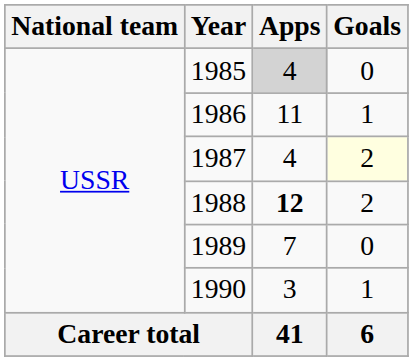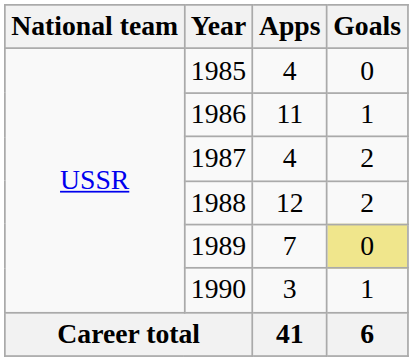 <table class="wikitable" style="text-align:center">
 <tr>
 <th>National team</th>
 <th>Year</th>
 <th>Apps</th>
 <th>Goals</th>
 </tr>
 <tr>
 <td rowspan="6"><a href='#'>USSR</a></td>
 <td>1985</td>
-<td style="background: lightgrey;">4</td>
+<td>4</td>
 <td>0</td>
 </tr>
 <tr>
 <td>1986</td>
 <td>11</td>
 <td>1</td>
 </tr>
 <tr>
 <td>1987</td>
 <td>4</td>
-<td style="background: lightyellow;">2</td>
+<td>2</td>
 </tr>
 <tr>
 <td>1988</td>
-<td><strong>12</strong></td>
+<td>12</td>
 <td>2</td>
 </tr>
 <tr>
 <td>1989</td>
 <td>7</td>
-<td>0</td>
+<td style="background: khaki;">0</td>
 </tr>
 <tr>
 <td>1990</td>
 <td>3</td>
 <td>1</td>
 </tr>
 <tr>
 <th colspan="2">Career total</th>
 <th>41</th>
 <th>6</th>
 </tr>
 </table>
